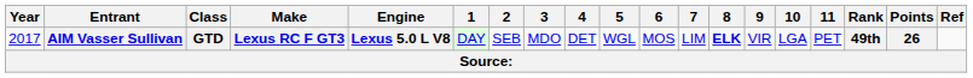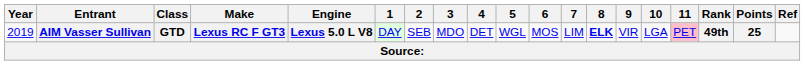 <table class="wikitable" style="text-align:center; font-size:85%">
 <tr>
 <th>Year</th>
 <th>Entrant</th>
 <th>Class</th>
 <th>Make</th>
 <th>Engine</th>
 <th>1</th>
 <th>2</th>
 <th>3</th>
 <th>4</th>
 <th>5</th>
 <th>6</th>
 <th>7</th>
 <th>8</th>
 <th>9</th>
 <th>10</th>
 <th>11</th>
 <th>Rank</th>
 <th>Points</th>
 <th>Ref</th>
 </tr>
 <tr>
-<td><a href='#'>2017</a></td>
+<td><a href='#'>2019</a></td>
 <th nowrap><a href='#'>AIM Vasser Sullivan</a></th>
 <th>GTD</th>
 <th nowrap><a href='#'>Lexus RC F GT3</a></th>
 <th nowrap><a href='#'>Lexus</a> 5.0 L V8</th>
 <td style="background:#DFFFDF"><a href='#'>DAY</a><br></td>
 <td><a href='#'>SEB</a></td>
 <td><a href='#'>MDO</a></td>
 <td><a href='#'>DET</a></td>
 <td><a href='#'>WGL</a></td>
 <td><a href='#'>MOS</a></td>
 <td><a href='#'>LIM</a></td>
 <td><strong><a href='#'>ELK</a></strong></td>
 <td><a href='#'>VIR</a></td>
 <td><a href='#'>LGA</a></td>
-<td><a href='#'>PET</a></td>
+<td style="background: pink;"><a href='#'>PET</a></td>
 <th>49th</th>
-<th>26</th>
+<th>25</th>
 <td></td>
 </tr>
 <tr>
 <th colspan="19">Source:</th>
 </tr>
 </table>
